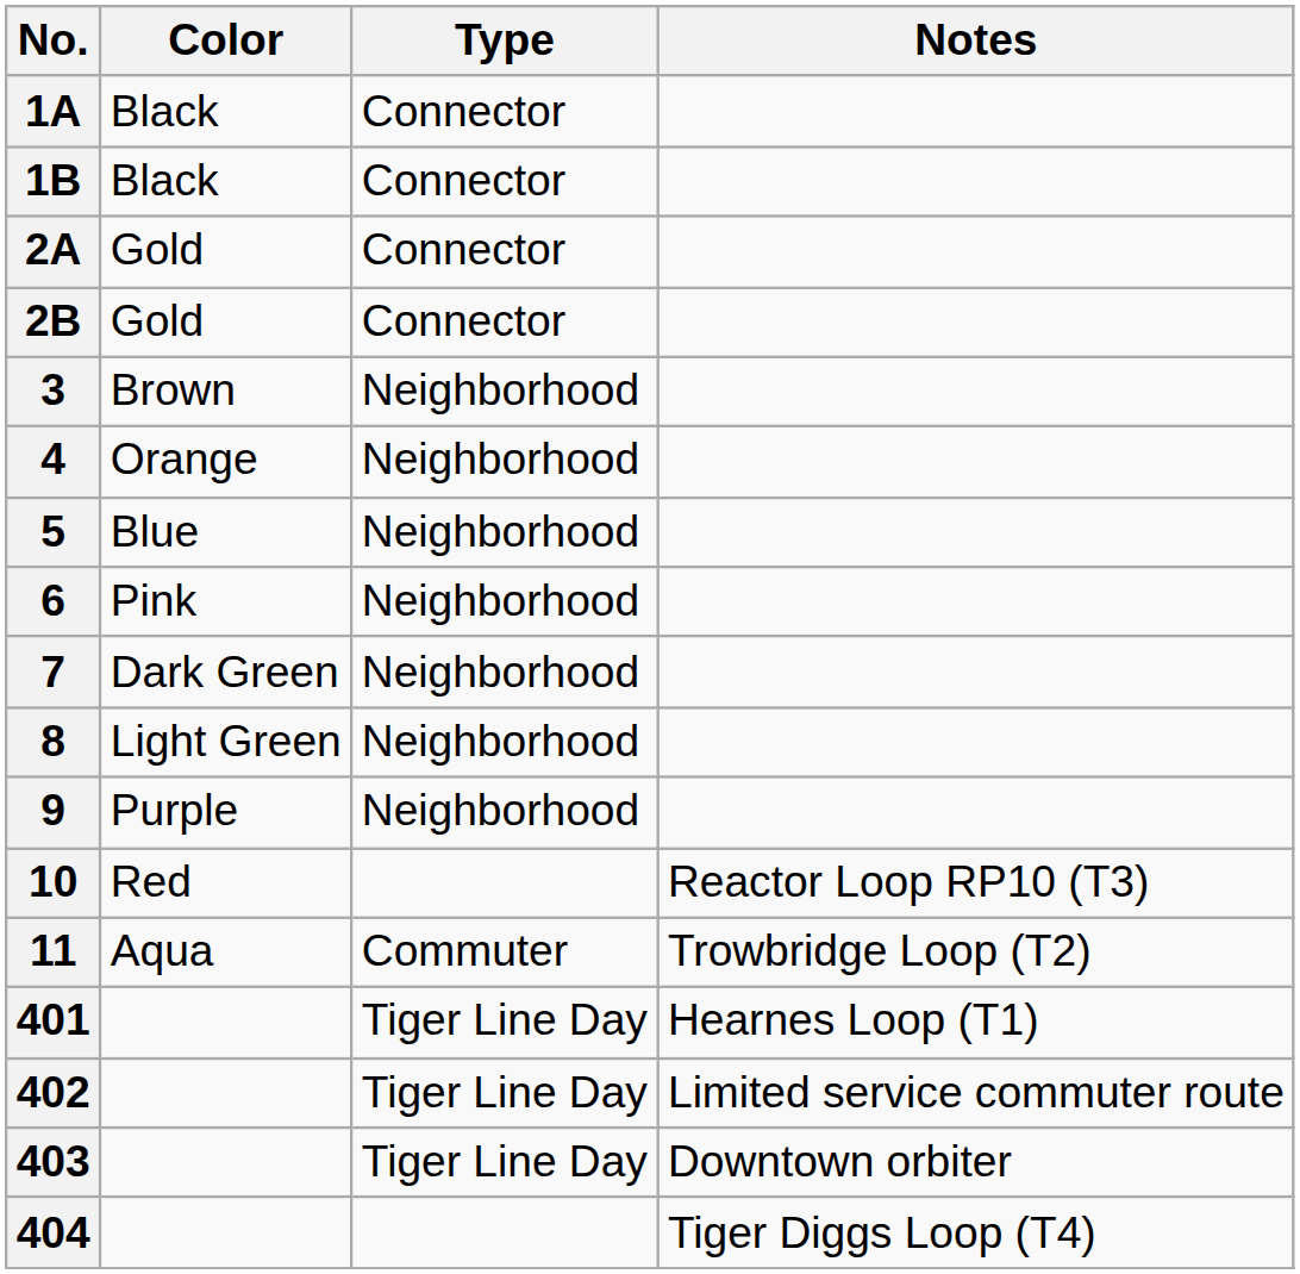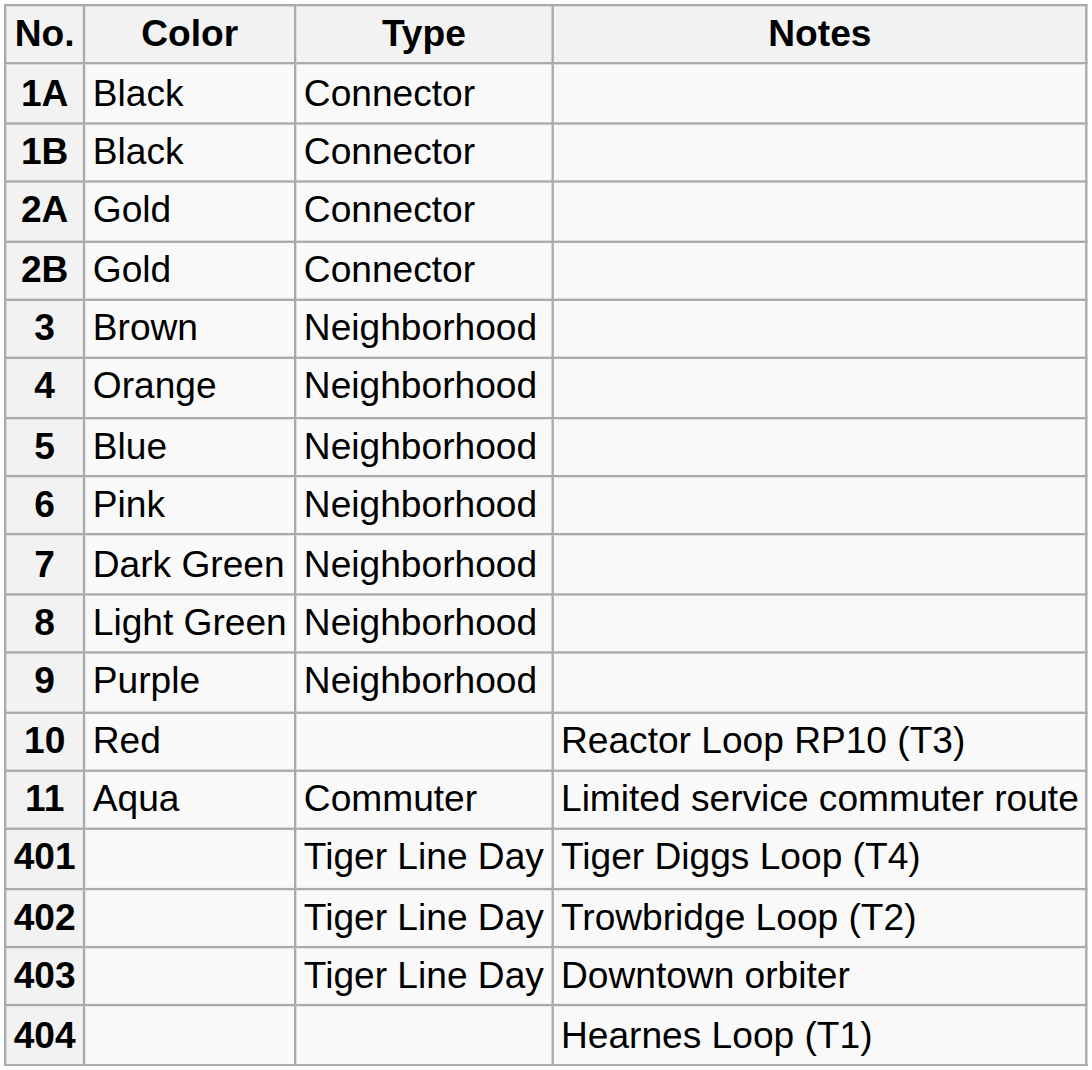 <table class="wikitable">
 <tr>
 <th>No.</th>
 <th>Color</th>
 <th>Type</th>
 <th>Notes</th>
 </tr>
 <tr>
 <th>1A</th>
 <td>Black</td>
 <td>Connector</td>
 <td></td>
 </tr>
 <tr>
 <th>1B</th>
 <td>Black</td>
 <td>Connector</td>
 <td></td>
 </tr>
 <tr>
 <th>2A</th>
 <td>Gold</td>
 <td>Connector</td>
 <td></td>
 </tr>
 <tr>
 <th>2B</th>
 <td>Gold</td>
 <td>Connector</td>
 <td></td>
 </tr>
 <tr>
 <th>3</th>
 <td>Brown</td>
 <td>Neighborhood</td>
 <td></td>
 </tr>
 <tr>
 <th>4</th>
 <td>Orange</td>
 <td>Neighborhood</td>
 <td></td>
 </tr>
 <tr>
 <th>5</th>
 <td>Blue</td>
 <td>Neighborhood</td>
 <td></td>
 </tr>
 <tr>
 <th>6</th>
 <td>Pink</td>
 <td>Neighborhood</td>
 <td></td>
 </tr>
 <tr>
 <th>7</th>
 <td>Dark Green</td>
 <td>Neighborhood</td>
 <td></td>
 </tr>
 <tr>
 <th>8</th>
 <td>Light Green</td>
 <td>Neighborhood</td>
 <td></td>
 </tr>
 <tr>
 <th>9</th>
 <td>Purple</td>
 <td>Neighborhood</td>
 <td></td>
 </tr>
 <tr>
 <th>10</th>
 <td>Red</td>
 <td></td>
 <td>Reactor Loop RP10 (T3)</td>
 </tr>
 <tr>
 <th>11</th>
 <td>Aqua</td>
 <td>Commuter</td>
-<td>Trowbridge Loop (T2)</td>
+<td>Limited service commuter route</td>
 </tr>
 <tr>
 <th>401</th>
 <td></td>
 <td>Tiger Line Day</td>
-<td>Hearnes Loop (T1)</td>
+<td>Tiger Diggs Loop (T4)</td>
 </tr>
 <tr>
 <th>402</th>
 <td></td>
 <td>Tiger Line Day</td>
-<td>Limited service commuter route</td>
+<td>Trowbridge Loop (T2)</td>
 </tr>
 <tr>
 <th>403</th>
 <td></td>
 <td>Tiger Line Day</td>
 <td>Downtown orbiter</td>
 </tr>
 <tr>
 <th>404</th>
 <td></td>
 <td></td>
-<td>Tiger Diggs Loop (T4)</td>
+<td>Hearnes Loop (T1)</td>
 </tr>
 <tr>
 </tr>
 </table>
